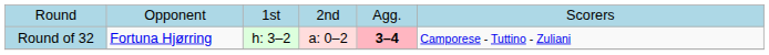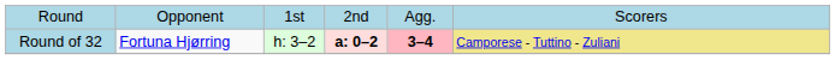 <table class="wikitable" style="text-align:center">
 <tr bgcolor=lightblue>
 <td width=150px>Round</td>
 <td width=200px>Opponent</td>
 <td width=80px>1st</td>
 <td width=80px>2nd</td>
 <td width=80px>Agg.</td>
 <td width=600px>Scorers</td>
 </tr>
 <tr>
 <td bgcolor=lightblue>Round of 32</td>
 <td align=left> <a href='#'>Fortuna Hjørring</a></td>
 <td bgcolor="#ddffdd">h: 3–2</td>
-<td bgcolor="#ffdddd">a: 0–2</td>
+<td bgcolor="#ffdddd"><strong>a: 0–2</strong></td>
 <td bgcolor=lightpink><strong>3–4</strong></td>
-<td align=left><small><a href='#'>Camporese</a> - <a href='#'>Tuttino</a> - <a href='#'>Zuliani</a></small></td>
+<td align=left style="background: khaki;"><small><a href='#'>Camporese</a> - <a href='#'>Tuttino</a> - <a href='#'>Zuliani</a></small></td>
 </tr>
 <tr>
 </tr>
 </table>
